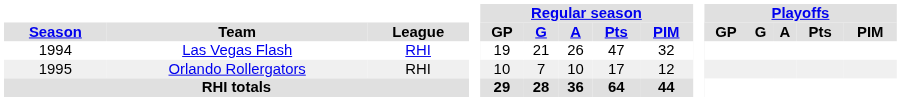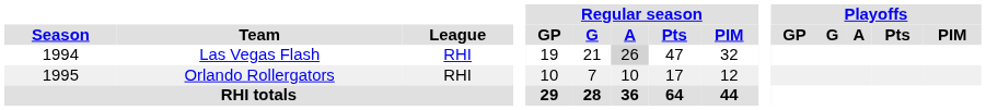 <table border="0" cellpadding="1" cellspacing="0" style="text-align:center; width:60em;">
 <tr style="background:#e0e0e0;">
 <th colspan="3"  bgcolor="#ffffff"> </th>
 <th rowspan="99" bgcolor="#ffffff"> </th>
 <th colspan="5"><a href='#'>Regular season</a></th>
 <th rowspan="99" bgcolor="#ffffff"> </th>
 <th colspan="5"><a href='#'>Playoffs</a></th>
 </tr>
 <tr style="background:#e0e0e0;">
 <th><a href='#'>Season</a></th>
 <th>Team</th>
 <th>League</th>
 <th>GP</th>
 <th><a href='#'>G</a></th>
 <th><a href='#'>A</a></th>
 <th><a href='#'>Pts</a></th>
 <th><a href='#'>PIM</a></th>
 <th>GP</th>
 <th>G</th>
 <th>A</th>
 <th>Pts</th>
 <th>PIM</th>
 </tr>
 <tr>
 <td>1994</td>
 <td><a href='#'>Las Vegas Flash</a></td>
 <td><a href='#'>RHI</a></td>
 <td>19</td>
 <td>21</td>
-<td>26</td>
+<td style="background: lightgrey;">26</td>
 <td>47</td>
 <td>32</td>
 <td></td>
 <td></td>
 <td></td>
 <td></td>
 <td></td>
 </tr>
 <tr bgcolor="#f0f0f0">
 <td>1995</td>
 <td><a href='#'>Orlando Rollergators</a></td>
 <td>RHI</td>
 <td>10</td>
 <td>7</td>
 <td>10</td>
 <td>17</td>
 <td>12</td>
 <td></td>
 <td></td>
 <td></td>
 <td></td>
 <td></td>
 </tr>
 <tr bgcolor="#e0e0e0">
 <th colspan="3">RHI totals</th>
 <th>29</th>
 <th>28</th>
 <th>36</th>
 <th>64</th>
 <th>44</th>
 </tr>
 </table>
